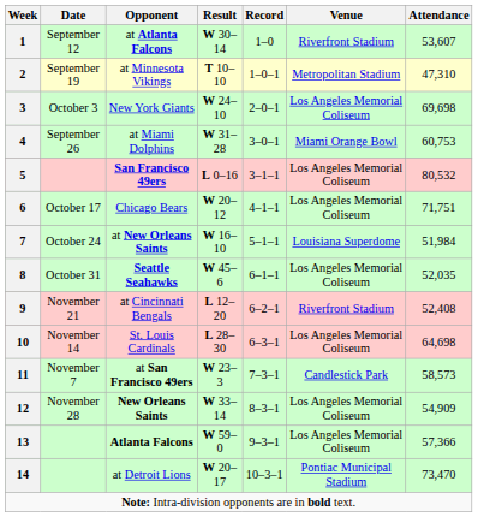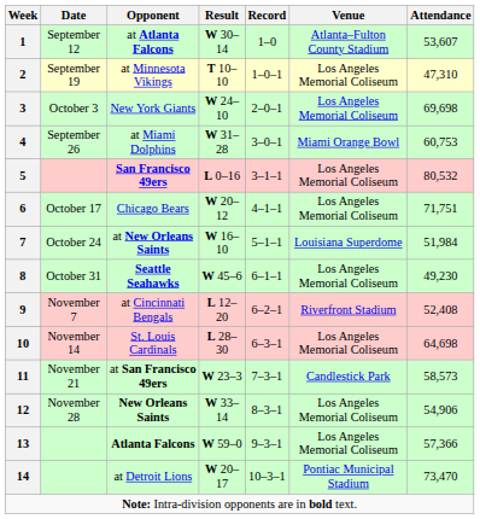 <table class="wikitable" style="text-align:center">
 <tr>
 <th>Week</th>
 <th>Date</th>
 <th>Opponent</th>
 <th>Result</th>
 <th>Record</th>
 <th>Venue</th>
 <th>Attendance</th>
 </tr>
 <tr style="background:#cfc">
 <th>1</th>
 <td>September 12</td>
 <td>at <strong><a href='#'>Atlanta Falcons</a></strong></td>
 <td><strong>W</strong> 30–14</td>
 <td>1–0</td>
-<td><a href='#'>Riverfront Stadium</a></td>
+<td><a href='#'>Atlanta–Fulton County Stadium</a></td>
 <td>53,607</td>
 </tr>
 <tr style="background:#ffc">
 <th>2</th>
 <td>September 19</td>
 <td>at <a href='#'>Minnesota Vikings</a></td>
 <td><strong>T</strong> 10–10</td>
 <td>1–0–1</td>
-<td><a href='#'>Metropolitan Stadium</a></td>
+<td>Los Angeles Memorial Coliseum</td>
 <td>47,310</td>
 </tr>
 <tr style="background:#cfc">
 <th>3</th>
 <td>October 3</td>
 <td><a href='#'>New York Giants</a></td>
 <td><strong>W</strong> 24–10</td>
 <td>2–0–1</td>
 <td><a href='#'>Los Angeles Memorial Coliseum</a></td>
 <td>69,698</td>
 </tr>
 <tr style="background:#cfc">
 <th>4</th>
 <td>September 26</td>
 <td>at <a href='#'>Miami Dolphins</a></td>
 <td><strong>W</strong> 31–28</td>
 <td>3–0–1</td>
 <td><a href='#'>Miami Orange Bowl</a></td>
 <td>60,753</td>
 </tr>
 <tr style="background:#fcc">
 <th>5</th>
 <td></td>
 <td><strong><a href='#'>San Francisco 49ers</a></strong></td>
 <td><strong>L</strong> 0–16</td>
 <td>3–1–1</td>
 <td>Los Angeles Memorial Coliseum</td>
 <td>80,532</td>
 </tr>
 <tr style="background:#cfc">
 <th>6</th>
 <td>October 17</td>
 <td><a href='#'>Chicago Bears</a></td>
 <td><strong>W</strong> 20–12</td>
 <td>4–1–1</td>
 <td>Los Angeles Memorial Coliseum</td>
 <td>71,751</td>
 </tr>
 <tr style="background:#cfc">
 <th>7</th>
 <td>October 24</td>
 <td>at <strong><a href='#'>New Orleans Saints</a></strong></td>
 <td><strong>W</strong> 16–10</td>
 <td>5–1–1</td>
 <td><a href='#'>Louisiana Superdome</a></td>
 <td>51,984</td>
 </tr>
 <tr style="background:#cfc">
 <th>8</th>
 <td>October 31</td>
 <td><strong><a href='#'>Seattle Seahawks</a></strong></td>
 <td><strong>W</strong> 45–6</td>
 <td>6–1–1</td>
 <td>Los Angeles Memorial Coliseum</td>
-<td>52,035</td>
+<td>49,230</td>
 </tr>
 <tr style="background:#fcc">
 <th>9</th>
-<td>November 21</td>
+<td>November 7</td>
 <td>at <a href='#'>Cincinnati Bengals</a></td>
 <td><strong>L</strong> 12–20</td>
 <td>6–2–1</td>
 <td><a href='#'>Riverfront Stadium</a></td>
 <td>52,408</td>
 </tr>
 <tr style="background:#fcc">
 <th>10</th>
 <td>November 14</td>
 <td><a href='#'>St. Louis Cardinals</a></td>
 <td><strong>L</strong> 28–30</td>
 <td>6–3–1</td>
 <td>Los Angeles Memorial Coliseum</td>
 <td>64,698</td>
 </tr>
 <tr style="background:#cfc">
 <th>11</th>
-<td>November 7</td>
+<td>November 21</td>
 <td>at <strong>San Francisco 49ers</strong></td>
 <td><strong>W</strong> 23–3</td>
 <td>7–3–1</td>
 <td><a href='#'>Candlestick Park</a></td>
 <td>58,573</td>
 </tr>
 <tr style="background:#cfc">
 <th>12</th>
 <td>November 28</td>
 <td><strong>New Orleans Saints</strong></td>
 <td><strong>W</strong> 33–14</td>
 <td>8–3–1</td>
 <td>Los Angeles Memorial Coliseum</td>
-<td>54,909</td>
+<td>54,906</td>
 </tr>
 <tr style="background:#cfc">
 <th>13</th>
 <td></td>
 <td><strong>Atlanta Falcons</strong></td>
 <td><strong>W</strong> 59–0</td>
 <td>9–3–1</td>
 <td>Los Angeles Memorial Coliseum</td>
 <td>57,366</td>
 </tr>
 <tr style="background:#cfc">
 <th>14</th>
 <td></td>
 <td>at <a href='#'>Detroit Lions</a></td>
 <td><strong>W</strong> 20–17</td>
 <td>10–3–1</td>
 <td><a href='#'>Pontiac Municipal Stadium</a></td>
 <td>73,470</td>
 </tr>
 <tr>
 <td colspan="8"><strong>Note:</strong> Intra-division opponents are in <strong>bold</strong> text.</td>
 </tr>
 </table>
